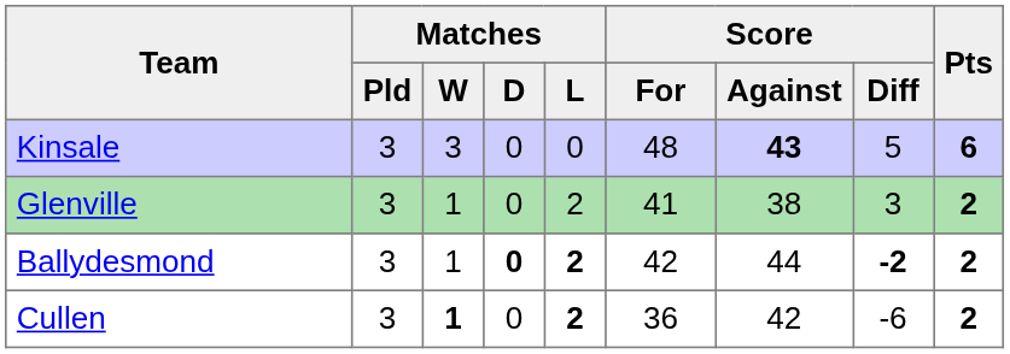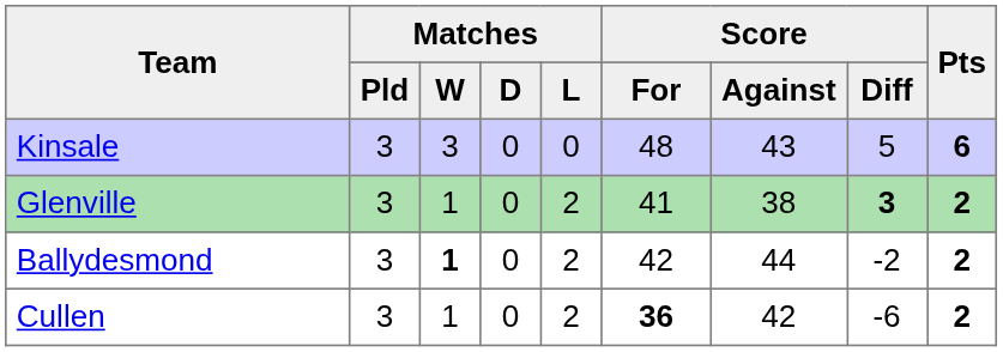 <table style=border-collapse:collapse border=1 cellspacing=0 cellpadding=5>
 <tr align=center bgcolor=#efefef>
 <th rowspan=2 width=165>Team</th>
 <th colspan=4>Matches</th>
 <th colspan=3>Score</th>
 <th rowspan=2width=20>Pts</th>
 </tr>
 <tr align=center bgcolor=#efefef>
 <th width=20>Pld</th>
 <th width=20>W</th>
 <th width=20>D</th>
 <th width=20>L</th>
 <th width=45>For</th>
 <th width=45>Against</th>
 <th width=30>Diff</th>
 </tr>
 <tr align=center style="background:#ccccff;">
 <td style="text-align:left;"><a href='#'>Kinsale</a></td>
 <td>3</td>
 <td>3</td>
 <td>0</td>
 <td>0</td>
 <td>48</td>
-<td><strong>43</strong></td>
+<td>43</td>
 <td>5</td>
 <td><strong>6</strong></td>
 </tr>
 <tr align=center style="background:#ACE1AF;">
 <td style="text-align:left;"><a href='#'>Glenville</a></td>
 <td>3</td>
 <td>1</td>
 <td>0</td>
 <td>2</td>
 <td>41</td>
 <td>38</td>
-<td>3</td>
+<td><strong>3</strong></td>
 <td><strong>2</strong></td>
 </tr>
 <tr align=center>
 <td style="text-align:left;"><a href='#'>Ballydesmond</a></td>
 <td>3</td>
-<td>1</td>
-<td><strong>0</strong></td>
-<td><strong>2</strong></td>
+<td><strong>1</strong></td>
+<td>0</td>
+<td>2</td>
 <td>42</td>
 <td>44</td>
-<td><strong>-2</strong></td>
+<td>-2</td>
 <td><strong>2</strong></td>
 </tr>
 <tr align=center>
 <td style="text-align:left;"><a href='#'>Cullen</a></td>
 <td>3</td>
-<td><strong>1</strong></td>
+<td>1</td>
 <td>0</td>
-<td><strong>2</strong></td>
-<td>36</td>
+<td>2</td>
+<td><strong>36</strong></td>
 <td>42</td>
 <td>-6</td>
 <td><strong>2</strong></td>
 </tr>
 </table>
